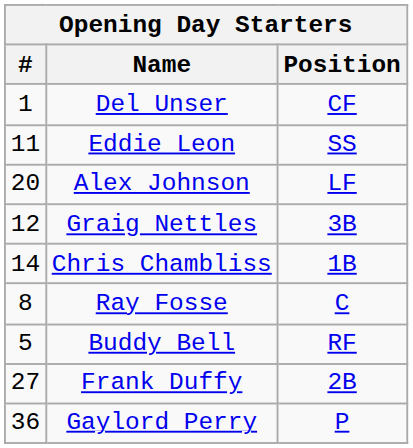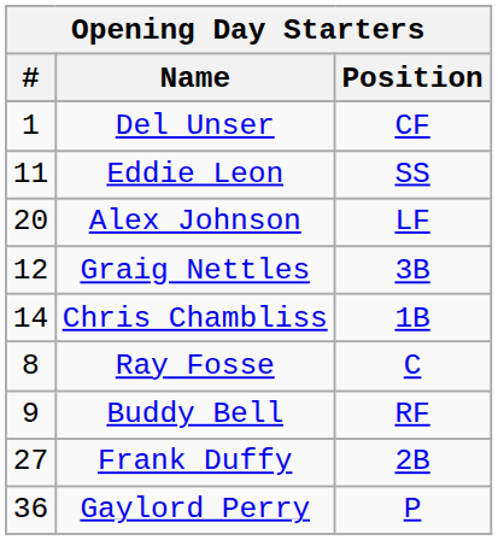 <table class="wikitable" style="text-align:center">
 <tr>
 <th colspan="3">Opening Day Starters</th>
 </tr>
 <tr>
 <th>#</th>
 <th>Name</th>
 <th>Position</th>
 </tr>
 <tr>
 <td>1</td>
 <td><a href='#'>Del Unser</a></td>
 <td><a href='#'>CF</a></td>
 </tr>
 <tr>
 <td>11</td>
 <td><a href='#'>Eddie Leon</a></td>
 <td><a href='#'>SS</a></td>
 </tr>
 <tr>
 <td>20</td>
 <td><a href='#'>Alex Johnson</a></td>
 <td><a href='#'>LF</a></td>
 </tr>
 <tr>
 <td>12</td>
 <td><a href='#'>Graig Nettles</a></td>
 <td><a href='#'>3B</a></td>
 </tr>
 <tr>
 <td>14</td>
 <td><a href='#'>Chris Chambliss</a></td>
 <td><a href='#'>1B</a></td>
 </tr>
 <tr>
 <td>8</td>
 <td><a href='#'>Ray Fosse</a></td>
 <td><a href='#'>C</a></td>
 </tr>
 <tr>
-<td>5</td>
+<td>9</td>
 <td><a href='#'>Buddy Bell</a></td>
 <td><a href='#'>RF</a></td>
 </tr>
 <tr>
 <td>27</td>
 <td><a href='#'>Frank Duffy</a></td>
 <td><a href='#'>2B</a></td>
 </tr>
 <tr>
 <td>36</td>
 <td><a href='#'>Gaylord Perry</a></td>
 <td><a href='#'>P</a></td>
 </tr>
 </table>
